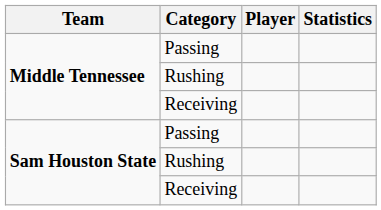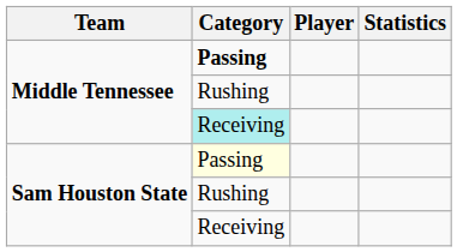 <table class="wikitable" style="float: right;">
 <tr>
 <th>Team</th>
 <th>Category</th>
 <th>Player</th>
 <th>Statistics</th>
 </tr>
 <tr>
 <td rowspan=3><strong>Middle Tennessee</strong></td>
-<td>Passing</td>
+<td><strong>Passing</strong></td>
 <td></td>
 <td></td>
 </tr>
 <tr>
 <td>Rushing</td>
 <td></td>
 <td></td>
 </tr>
 <tr>
-<td>Receiving</td>
+<td style="background: paleturquoise;">Receiving</td>
 <td></td>
 <td></td>
 </tr>
 <tr>
 <td rowspan=3><strong>Sam Houston State</strong></td>
-<td>Passing</td>
+<td style="background: lightyellow;">Passing</td>
 <td></td>
 <td></td>
 </tr>
 <tr>
 <td>Rushing</td>
 <td></td>
 <td></td>
 </tr>
 <tr>
 <td>Receiving</td>
 <td></td>
 <td></td>
 </tr>
 </table>
